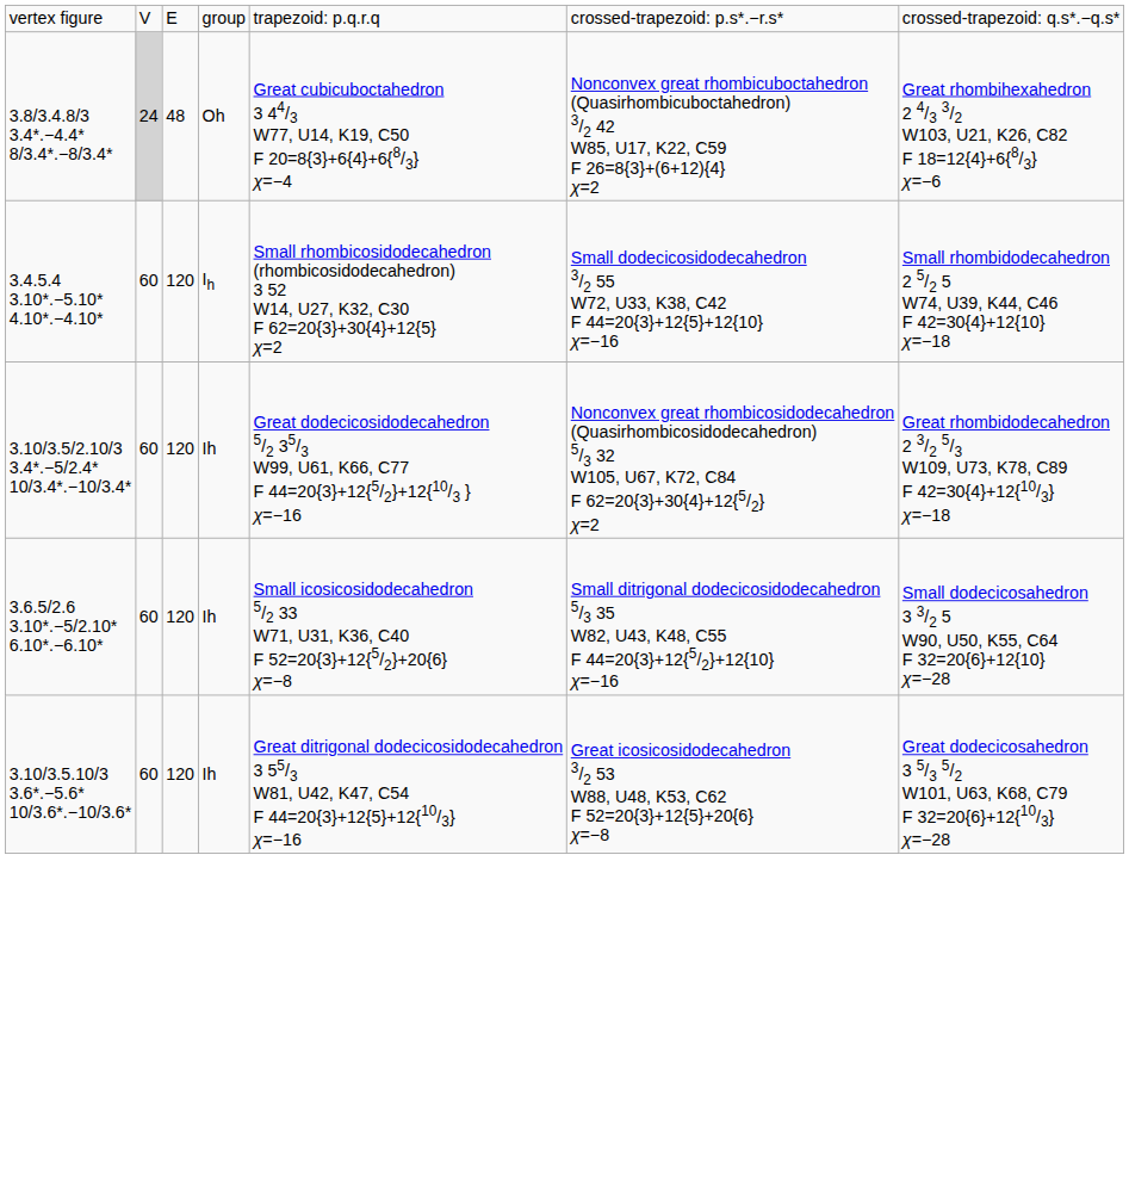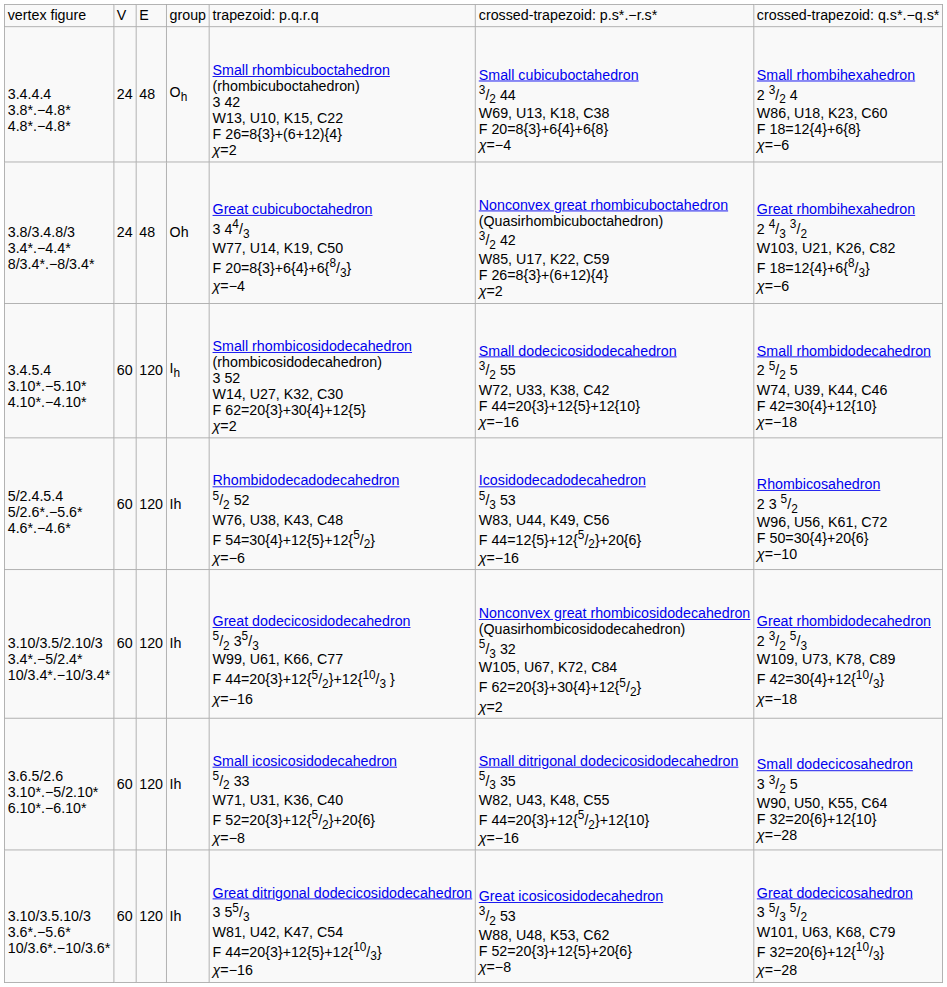 <table class="wikitable">
 <tr>
 <td>vertex figure</td>
 <td>V</td>
 <td>E</td>
 <td>group</td>
 <td>trapezoid: p.q.r.q</td>
 <td>crossed-trapezoid: p.s*.−r.s*</td>
 <td>crossed-trapezoid: q.s*.−q.s*</td>
 </tr>
 <tr>
+<td><br><br>3.4.4.4<br> 3.8*.−4.8*<br> 4.8*.−4.8*<br></td>
+<td>24</td>
+<td>48</td>
+<td>O<sub>h</sub></td>
+<td><br><br> <a href='#'>Small rhombicuboctahedron</a><br> (rhombicuboctahedron)<br> 3 42<br> W13, U10, K15, C22<br> F 26=8{3}+(6+12){4} <br><em>χ</em>=2</td>
+<td><br><br> <a href='#'>Small cubicuboctahedron</a><br> <sup>3</sup>/<sub>2</sub> 44<br> W69, U13, K18, C38<br> F 20=8{3}+6{4}+6{8} <br><em>χ</em>=−4</td>
+<td><br><br> <a href='#'>Small rhombihexahedron</a><br> 2 <sup>3</sup>/<sub>2</sub> 4<br> W86, U18, K23, C60<br> F 18=12{4}+6{8} <br><em>χ</em>=−6</td>
+</tr>
+<tr>
 <td><br><br>3.8/3.4.8/3<br> 3.4*.−4.4*<br> 8/3.4*.−8/3.4*</td>
-<td style="background: lightgrey;">24</td>
+<td>24</td>
 <td>48</td>
 <td>Oh</td>
 <td><br><br> <a href='#'>Great cubicuboctahedron</a><br> 3 4<sup>4</sup>/<sub>3</sub><br> W77, U14, K19, C50<br> F 20=8{3}+6{4}+6{<sup>8</sup>/<sub>3</sub>} <br><em>χ</em>=−4</td>
 <td><br><br> <a href='#'>Nonconvex great rhombicuboctahedron</a><br> (Quasirhombicuboctahedron)<br> <sup>3</sup>/<sub>2</sub> 42<br> W85, U17, K22, C59<br> F 26=8{3}+(6+12){4} <br><em>χ</em>=2</td>
 <td><br><br> <a href='#'>Great rhombihexahedron</a><br> 2 <sup>4</sup>/<sub>3</sub> <sup>3</sup>/<sub>2</sub><br> W103, U21, K26, C82<br> F 18=12{4}+6{<sup>8</sup>/<sub>3</sub>} <br><em>χ</em>=−6</td>
 </tr>
 <tr>
 <td><br><br>3.4.5.4<br> 3.10*.−5.10*<br> 4.10*.−4.10*</td>
 <td>60</td>
 <td>120</td>
 <td>I<sub>h</sub></td>
 <td><br><br> <a href='#'>Small rhombicosidodecahedron</a><br> (rhombicosidodecahedron)<br> 3 52<br> W14, U27, K32, C30<br> F 62=20{3}+30{4}+12{5} <br><em>χ</em>=2</td>
 <td><br><br> <a href='#'>Small dodecicosidodecahedron</a><br> <sup>3</sup>/<sub>2</sub> 55<br> W72, U33, K38, C42<br> F 44=20{3}+12{5}+12{10} <br><em>χ</em>=−16</td>
 <td><br><br> <a href='#'>Small rhombidodecahedron</a><br> 2 <sup>5</sup>/<sub>2</sub> 5<br> W74, U39, K44, C46<br> F 42=30{4}+12{10} <br><em>χ</em>=−18</td>
+</tr>
+<tr>
+<td><br>5/2.4.5.4<br> 5/2.6*.−5.6*<br> 4.6*.−4.6*<br></td>
+<td>60</td>
+<td>120</td>
+<td>Ih</td>
+<td><br><br> <a href='#'>Rhombidodecadodecahedron</a><br> <sup>5</sup>/<sub>2</sub> 52<br> W76, U38, K43, C48<br> F 54=30{4}+12{5}+12{<sup>5</sup>/<sub>2</sub>} <br><em>χ</em>=−6</td>
+<td><br><br> <a href='#'>Icosidodecadodecahedron</a><br> <sup>5</sup>/<sub>3</sub> 53<br> W83, U44, K49, C56<br> F 44=12{5}+12{<sup>5</sup>/<sub>2</sub>}+20{6} <br><em>χ</em>=−16</td>
+<td><br><br> <a href='#'>Rhombicosahedron</a><br> 2 3 <sup>5</sup>/<sub>2</sub><br> W96, U56, K61, C72<br> F 50=30{4}+20{6} <br><em>χ</em>=−10</td>
 </tr>
 <tr>
 <td><br><br>3.10/3.5/2.10/3<br> 3.4*.−5/2.4*<br> 10/3.4*.−10/3.4*<br></td>
 <td>60</td>
 <td>120</td>
 <td>Ih</td>
 <td><br><br> <a href='#'>Great dodecicosidodecahedron</a><br> <sup>5</sup>/<sub>2</sub> 3<sup>5</sup>/<sub>3</sub><br> W99, U61, K66, C77<br> F 44=20{3}+12{<sup>5</sup>/<sub>2</sub>}+12{<sup>10</sup>/<sub>3</sub> } <br><em>χ</em>=−16</td>
 <td><br><br> <a href='#'>Nonconvex great rhombicosidodecahedron</a><br> (Quasirhombicosidodecahedron)<br> <sup>5</sup>/<sub>3</sub> 32<br> W105, U67, K72, C84<br> F 62=20{3}+30{4}+12{<sup>5</sup>/<sub>2</sub>} <br><em>χ</em>=2</td>
 <td><br><br> <a href='#'>Great rhombidodecahedron</a><br> 2 <sup>3</sup>/<sub>2</sub> <sup>5</sup>/<sub>3</sub><br> W109, U73, K78, C89<br> F 42=30{4}+12{<sup>10</sup>/<sub>3</sub>} <br><em>χ</em>=−18</td>
 </tr>
 <tr>
 <td><br>3.6.5/2.6<br> 3.10*.−5/2.10*<br> 6.10*.−6.10*<br></td>
 <td>60</td>
 <td>120</td>
 <td>Ih</td>
 <td><br><br> <a href='#'>Small icosicosidodecahedron</a><br> <sup>5</sup>/<sub>2</sub> 33<br> W71, U31, K36, C40<br> F 52=20{3}+12{<sup>5</sup>/<sub>2</sub>}+20{6} <br><em>χ</em>=−8</td>
 <td><br><br> <a href='#'>Small ditrigonal dodecicosidodecahedron</a><br> <sup>5</sup>/<sub>3</sub> 35<br> W82, U43, K48, C55<br> F 44=20{3}+12{<sup>5</sup>/<sub>2</sub>}+12{10} <br><em>χ</em>=−16</td>
 <td><br><br> <a href='#'>Small dodecicosahedron</a><br> 3 <sup>3</sup>/<sub>2</sub> 5<br> W90, U50, K55, C64<br> F 32=20{6}+12{10} <br><em>χ</em>=−28</td>
 </tr>
 <tr>
 <td><br><br>3.10/3.5.10/3<br> 3.6*.−5.6*<br> 10/3.6*.−10/3.6*</td>
 <td>60</td>
 <td>120</td>
 <td>Ih</td>
 <td><br><br> <a href='#'>Great ditrigonal dodecicosidodecahedron</a><br> 3 5<sup>5</sup>/<sub>3</sub><br> W81, U42, K47, C54<br> F 44=20{3}+12{5}+12{<sup>10</sup>/<sub>3</sub>} <br><em>χ</em>=−16</td>
 <td><br><br> <a href='#'>Great icosicosidodecahedron</a><br> <sup>3</sup>/<sub>2</sub> 53<br> W88, U48, K53, C62<br> F 52=20{3}+12{5}+20{6} <br><em>χ</em>=−8</td>
 <td><br><br> <a href='#'>Great dodecicosahedron</a><br> 3 <sup>5</sup>/<sub>3</sub> <sup>5</sup>/<sub>2</sub><br> W101, U63, K68, C79<br> F 32=20{6}+12{<sup>10</sup>/<sub>3</sub>} <br><em>χ</em>=−28</td>
 </tr>
 </table>
